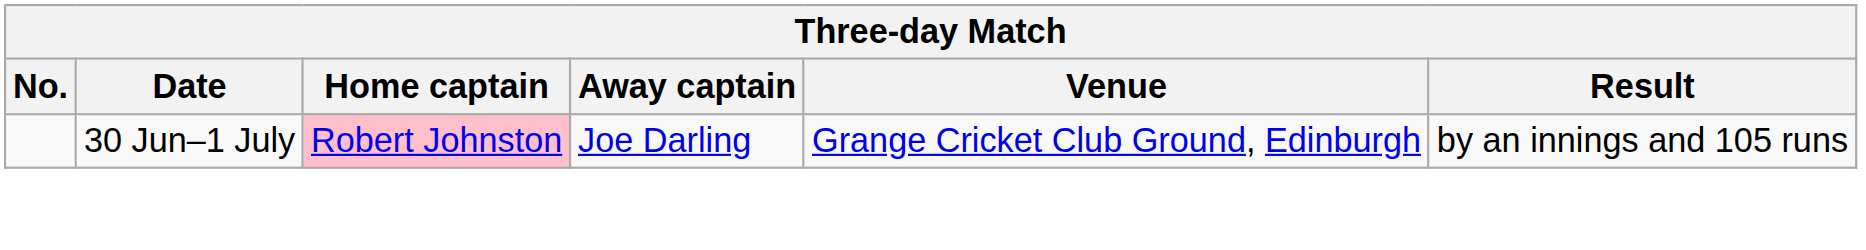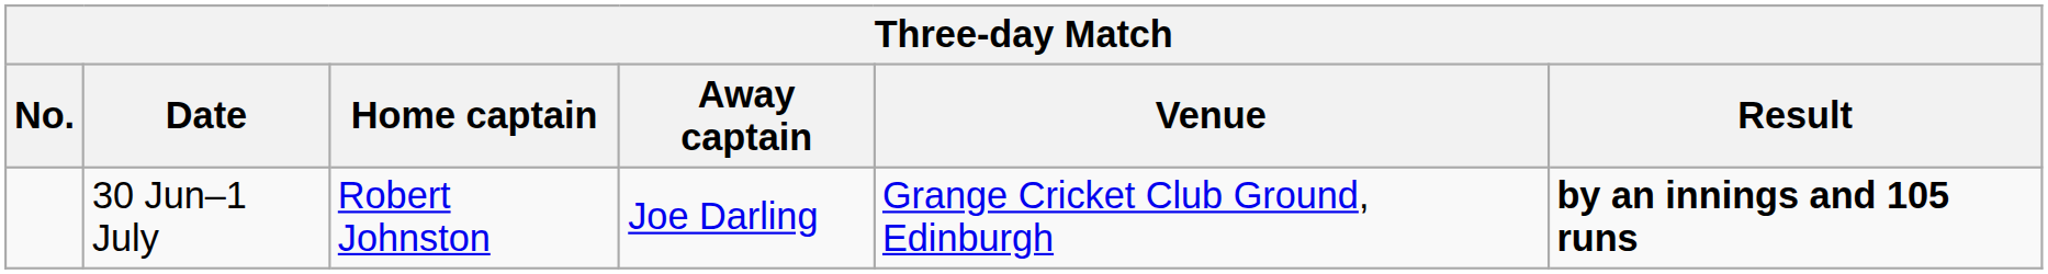 <table class="wikitable">
 <tr>
 <th colspan="9">Three-day Match</th>
 </tr>
 <tr>
 <th>No.</th>
 <th>Date</th>
 <th>Home captain</th>
 <th>Away captain</th>
 <th>Venue</th>
 <th>Result</th>
 </tr>
 <tr>
 <td></td>
 <td>30 Jun–1 July</td>
-<td style="background: pink;"><a href='#'>Robert Johnston</a></td>
+<td><a href='#'>Robert Johnston</a></td>
 <td><a href='#'>Joe Darling</a></td>
 <td><a href='#'>Grange Cricket Club Ground</a>, <a href='#'>Edinburgh</a></td>
-<td> by an innings and 105 runs</td>
+<td><strong> by an innings and 105 runs</strong></td>
 </tr>
 </table>
